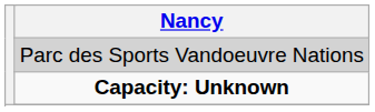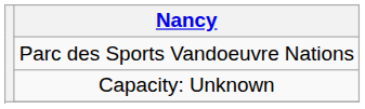 <table class="wikitable" style="text-align:center">
 <tr>
 <th rowspan="4" colspan="2"></th>
 <th><a href='#'>Nancy</a></th>
 </tr>
 <tr>
-<td style="background: lightgrey;">Parc des Sports Vandoeuvre Nations</td>
+<td>Parc des Sports Vandoeuvre Nations</td>
 </tr>
 <tr>
-<td><strong>Capacity: Unknown</strong></td>
+<td>Capacity: Unknown</td>
 </tr>
 <tr>
 </tr>
 </table>
